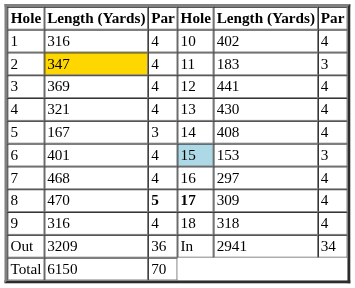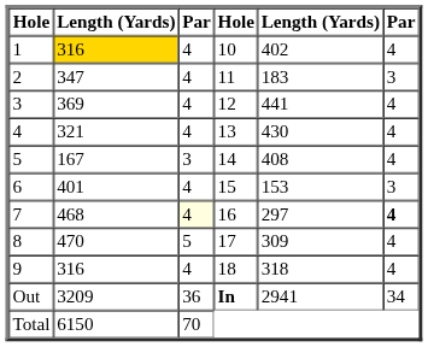 <table border="3" cellspacing="0" cellpadding="2" align="center">
 <tr>
 <th>Hole</th>
 <th>Length (Yards)</th>
 <th>Par</th>
 <th>Hole</th>
 <th>Length (Yards)</th>
 <th>Par</th>
 </tr>
 <tr>
 <td>1</td>
-<td>316</td>
+<td style="background: gold;">316</td>
 <td>4</td>
 <td>10</td>
 <td>402</td>
 <td>4</td>
 </tr>
 <tr>
 <td>2</td>
-<td style="background: gold;">347</td>
+<td>347</td>
 <td>4</td>
 <td>11</td>
 <td>183</td>
 <td>3</td>
 </tr>
 <tr>
 <td>3</td>
 <td>369</td>
 <td>4</td>
 <td>12</td>
 <td>441</td>
 <td>4</td>
 </tr>
 <tr>
 <td>4</td>
 <td>321</td>
 <td>4</td>
 <td>13</td>
 <td>430</td>
 <td>4</td>
 </tr>
 <tr>
 <td>5</td>
 <td>167</td>
 <td>3</td>
 <td>14</td>
 <td>408</td>
 <td>4</td>
 </tr>
 <tr>
 <td>6</td>
 <td>401</td>
 <td>4</td>
-<td style="background: lightblue;">15</td>
+<td>15</td>
 <td>153</td>
 <td>3</td>
 </tr>
 <tr>
 <td>7</td>
 <td>468</td>
-<td>4</td>
+<td style="background: lightyellow;">4</td>
 <td>16</td>
 <td>297</td>
-<td>4</td>
+<td><strong>4</strong></td>
 </tr>
 <tr>
 <td>8</td>
 <td>470</td>
-<td><strong>5</strong></td>
-<td><strong>17</strong></td>
+<td>5</td>
+<td>17</td>
 <td>309</td>
 <td>4</td>
 </tr>
 <tr>
 <td>9</td>
 <td>316</td>
 <td>4</td>
 <td>18</td>
 <td>318</td>
 <td>4</td>
 </tr>
 <tr>
 <td>Out</td>
 <td>3209</td>
 <td>36</td>
-<td>In</td>
+<td><strong>In</strong></td>
 <td>2941</td>
 <td>34</td>
 </tr>
 <tr>
 <td>Total</td>
 <td>6150</td>
 <td>70</td>
 </tr>
 <tr>
 </tr>
 </table>
